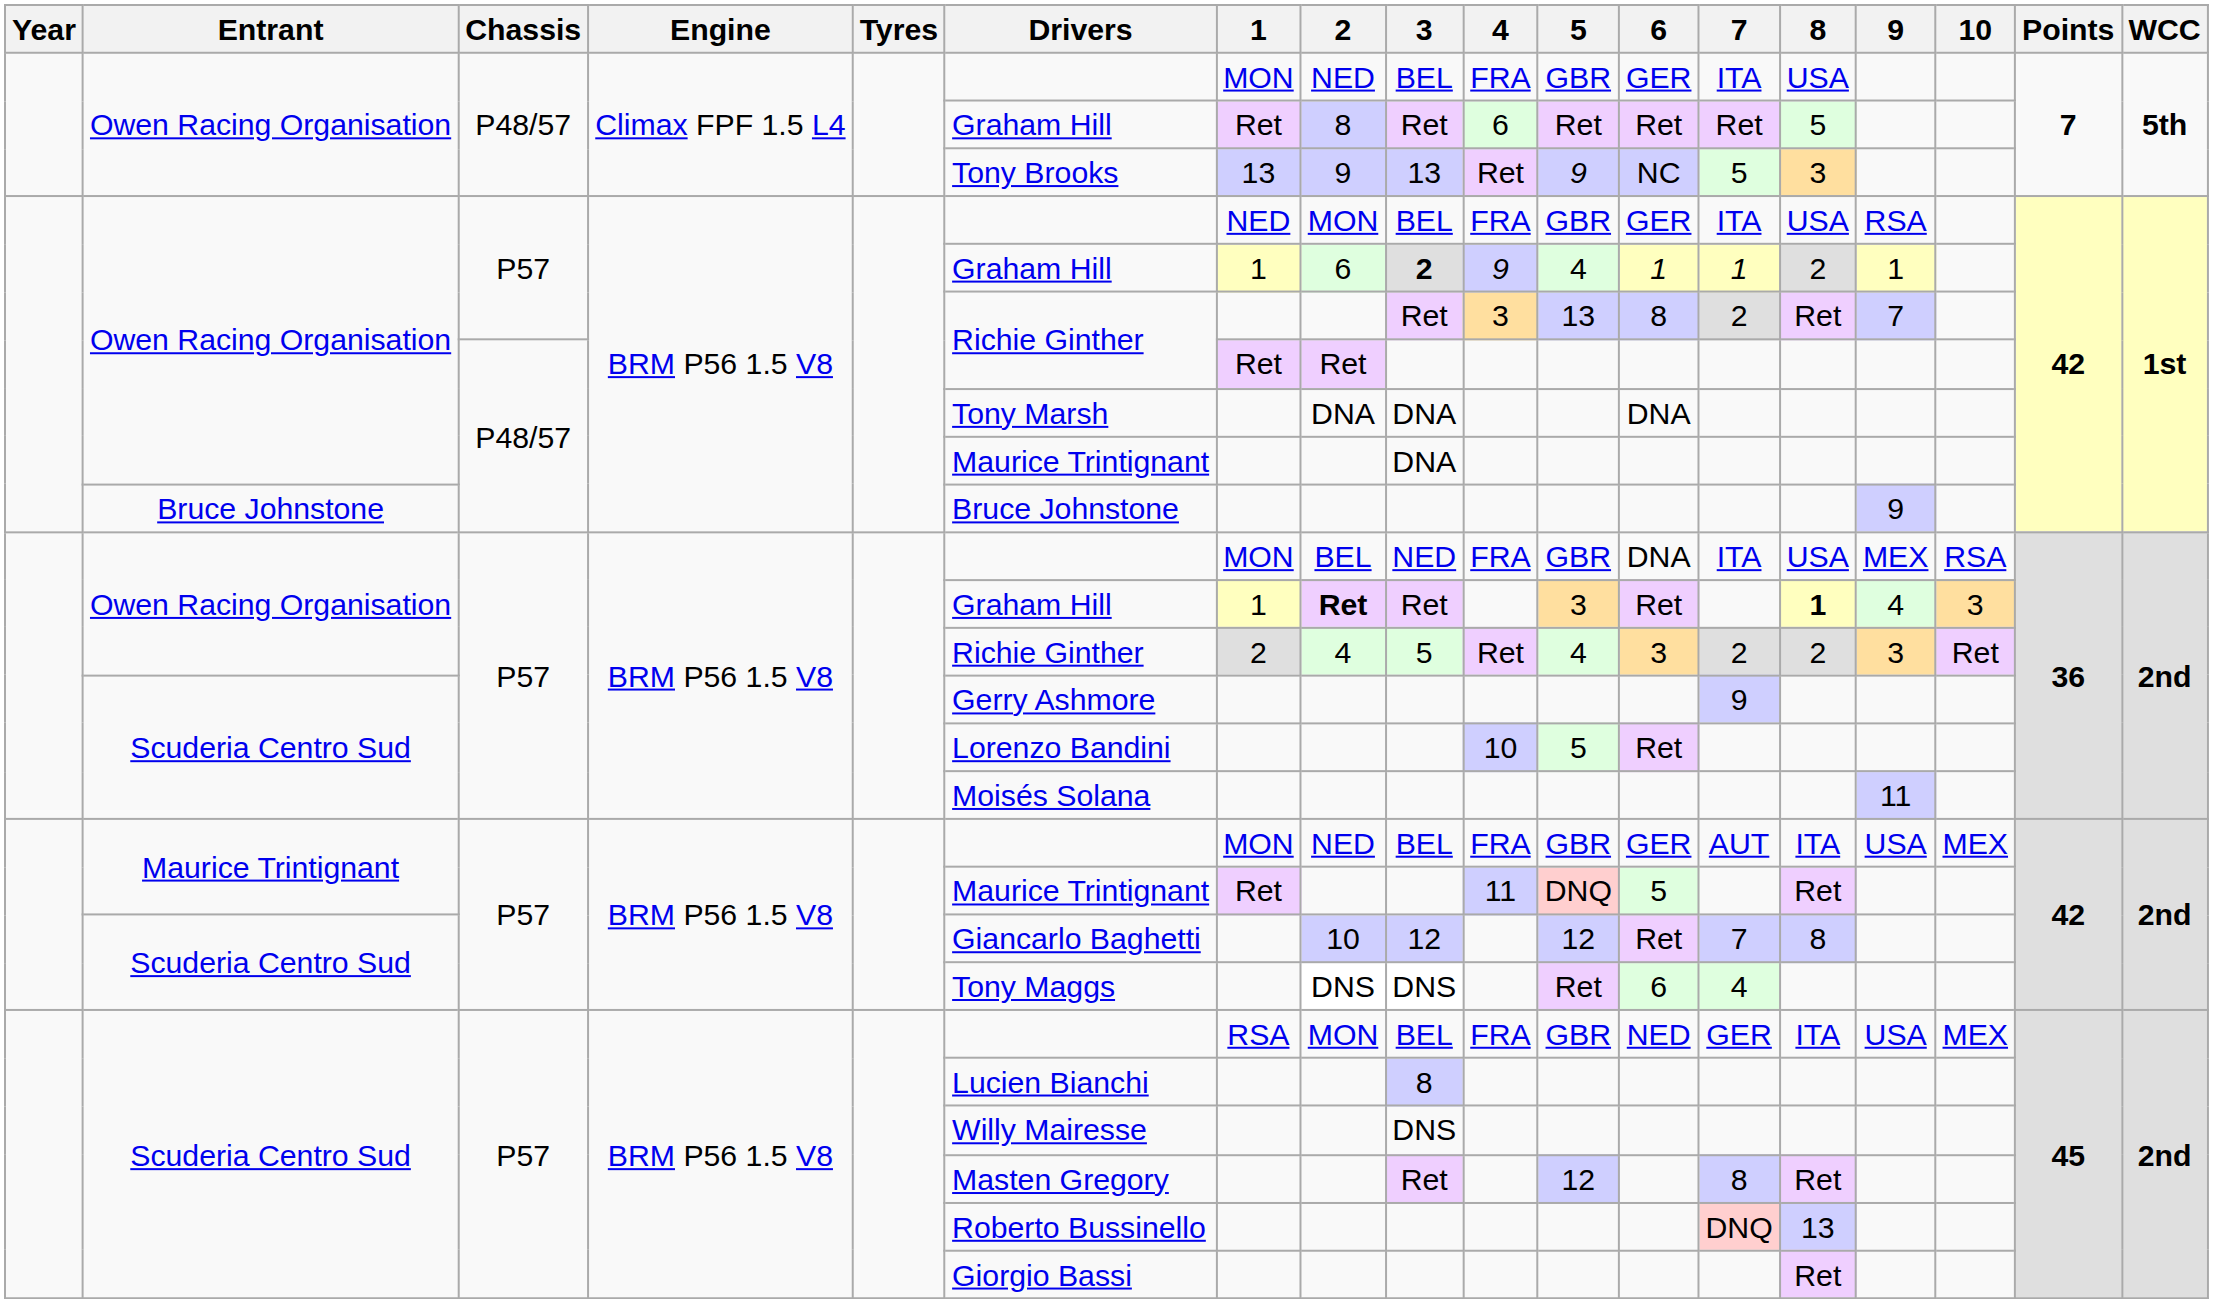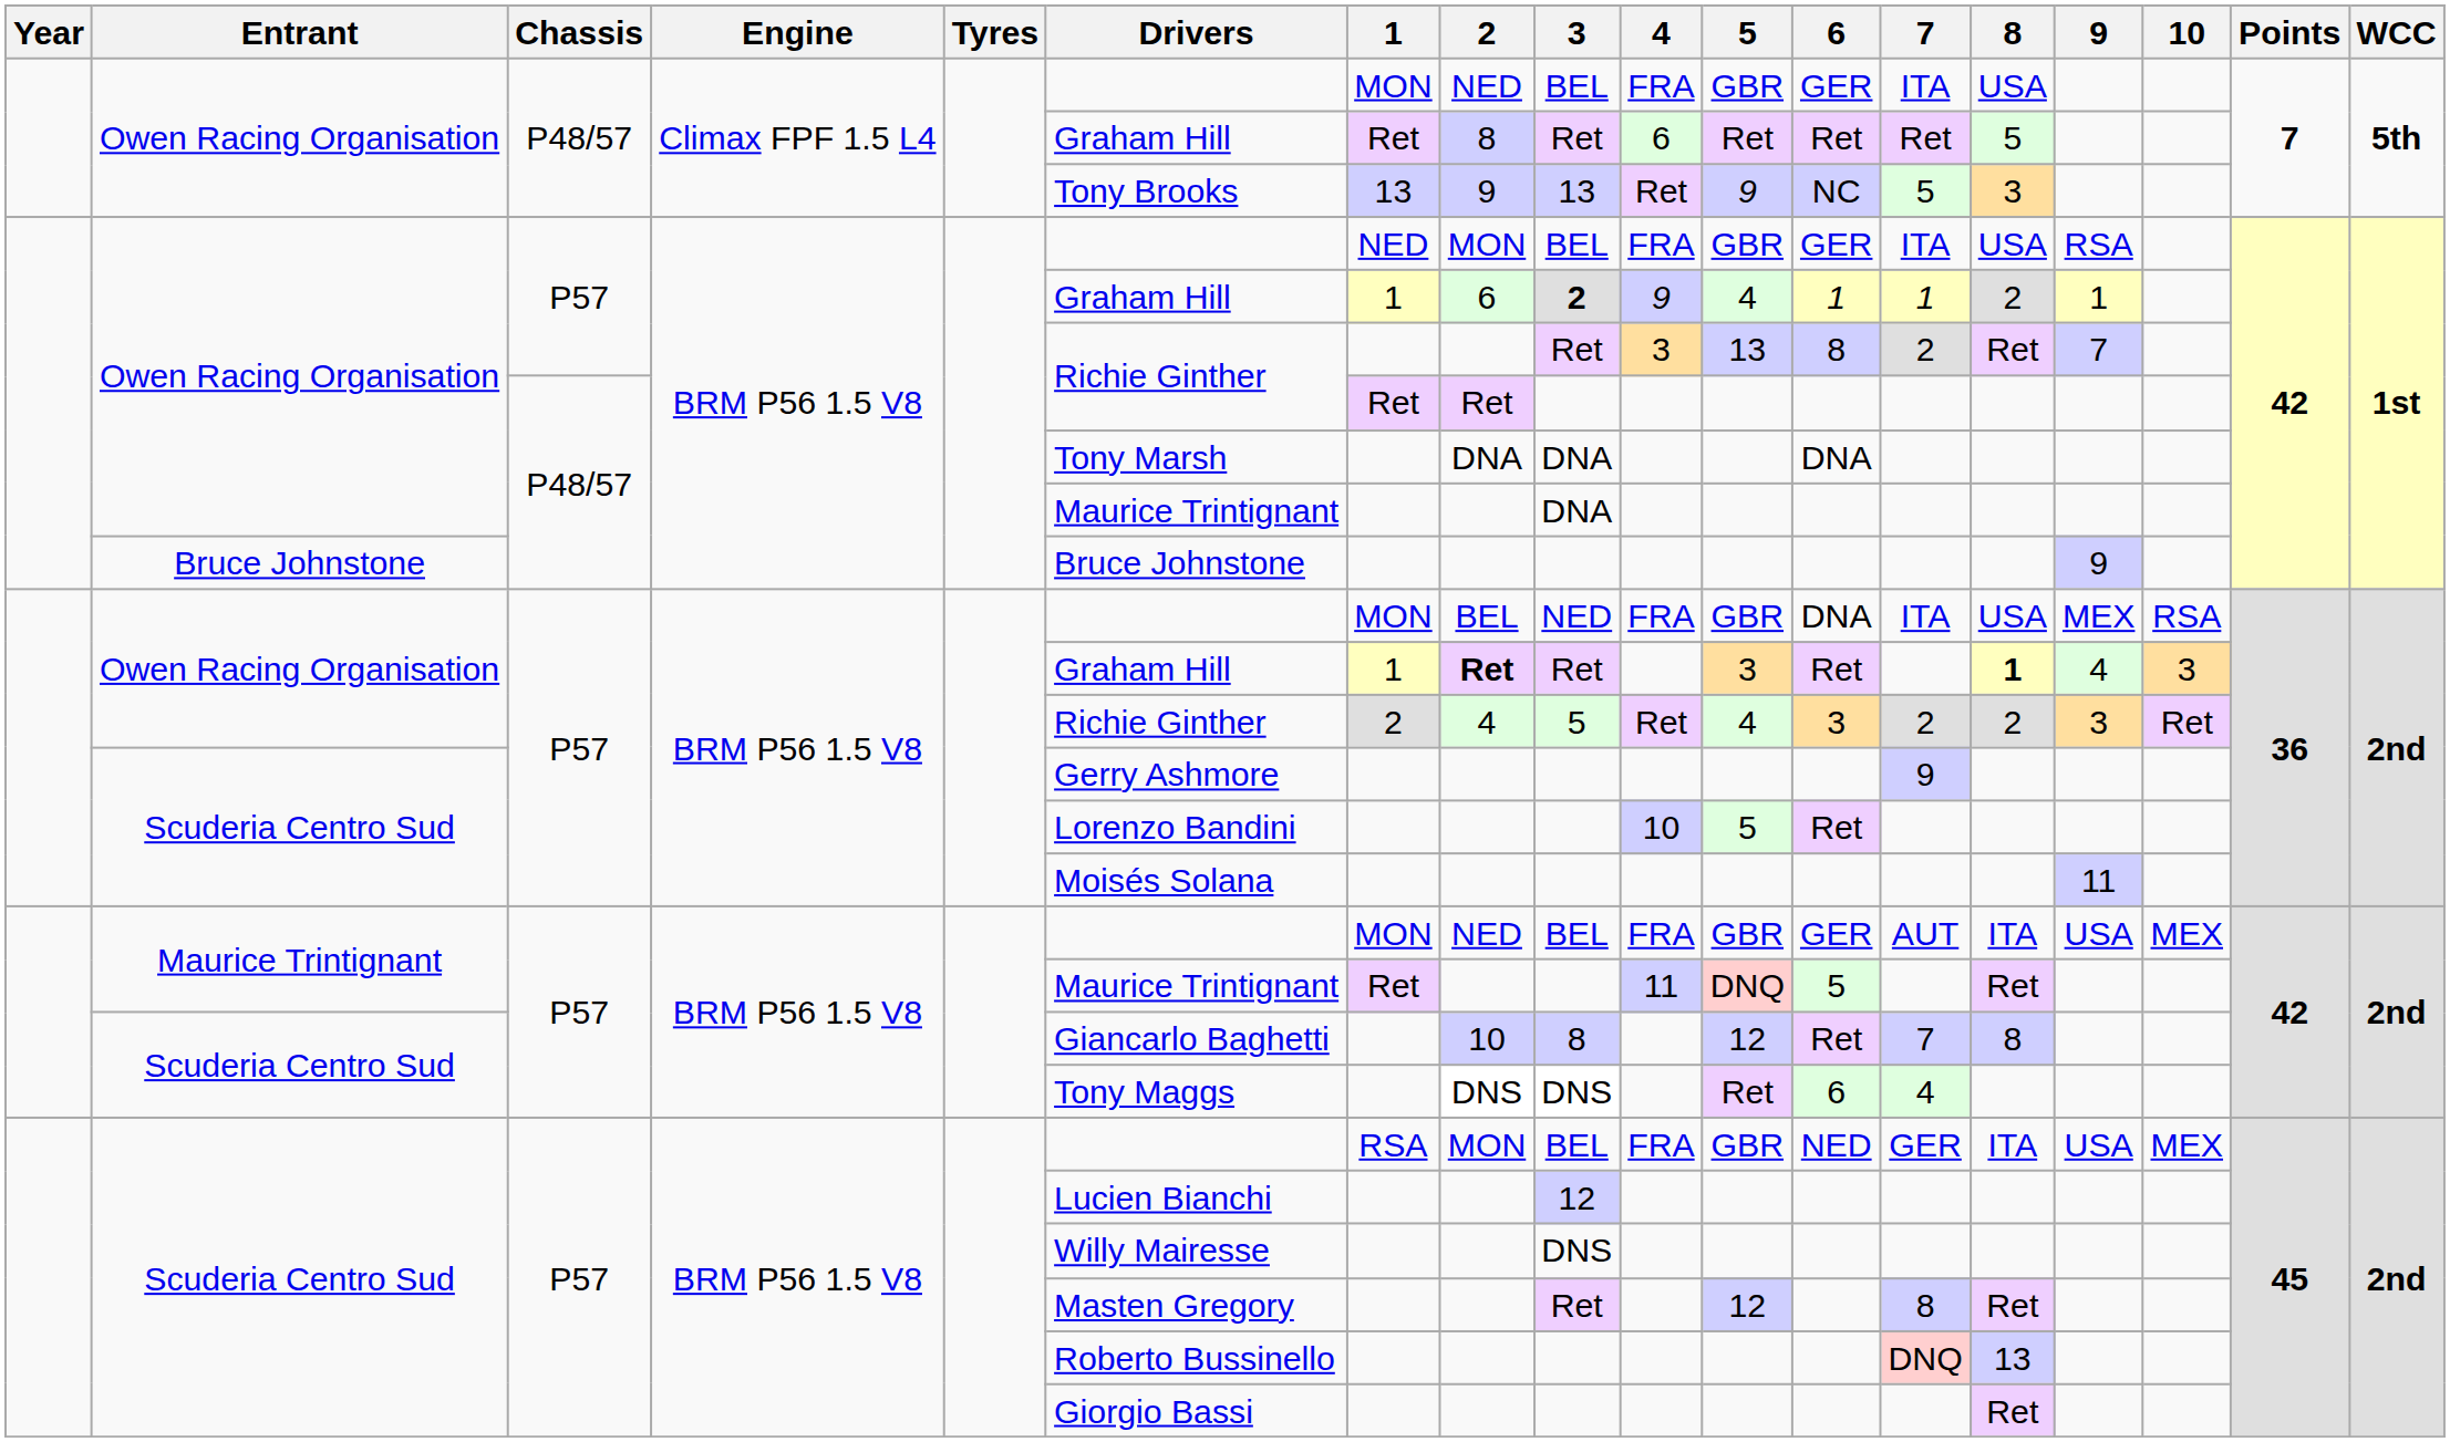 <table class="wikitable" style="text-align:center; font-size:95%">
 <tr>
 <th>Year</th>
 <th>Entrant</th>
 <th>Chassis</th>
 <th>Engine</th>
 <th>Tyres</th>
 <th>Drivers</th>
 <th>1</th>
 <th>2</th>
 <th>3</th>
 <th>4</th>
 <th>5</th>
 <th>6</th>
 <th>7</th>
 <th>8</th>
 <th>9</th>
 <th>10</th>
 <th>Points</th>
 <th>WCC</th>
 </tr>
 <tr>
 <td rowspan="3"></td>
 <td rowspan="3"><a href='#'>Owen Racing Organisation</a></td>
 <td rowspan="3">P48/57</td>
 <td rowspan="3"><a href='#'>Climax</a> FPF 1.5 <a href='#'>L4</a></td>
 <td rowspan="3"></td>
 <td></td>
 <td><a href='#'>MON</a></td>
 <td><a href='#'>NED</a></td>
 <td><a href='#'>BEL</a></td>
 <td><a href='#'>FRA</a></td>
 <td><a href='#'>GBR</a></td>
 <td><a href='#'>GER</a></td>
 <td><a href='#'>ITA</a></td>
 <td><a href='#'>USA</a></td>
 <td></td>
 <td></td>
 <td rowspan="3"><strong>7</strong></td>
 <td rowspan="3"><strong>5th</strong></td>
 </tr>
 <tr>
 <td align="left"><a href='#'>Graham Hill</a></td>
 <td style="background:#EFCFFF;">Ret</td>
 <td style="background:#CFCFFF;">8</td>
 <td style="background:#EFCFFF;">Ret</td>
 <td style="background:#DFFFDF;">6</td>
 <td style="background:#EFCFFF;">Ret</td>
 <td style="background:#EFCFFF;">Ret</td>
 <td style="background:#EFCFFF;">Ret</td>
 <td style="background:#DFFFDF;">5</td>
 <td></td>
 <td></td>
 </tr>
 <tr>
 <td align="left"><a href='#'>Tony Brooks</a></td>
 <td style="background:#CFCFFF;">13</td>
 <td style="background:#CFCFFF;">9</td>
 <td style="background:#CFCFFF;">13</td>
 <td style="background:#EFCFFF;">Ret</td>
 <td style="background:#CFCFFF;"><em>9</em></td>
 <td style="background:#CFCFFF;">NC</td>
 <td style="background:#DFFFDF;">5</td>
 <td style="background:#FFDF9F;">3</td>
 <td></td>
 <td></td>
 </tr>
 <tr>
 <td rowspan="7"></td>
 <td rowspan="6"><a href='#'>Owen Racing Organisation</a></td>
 <td rowspan="3">P57</td>
 <td rowspan="7"><a href='#'>BRM</a> P56 1.5 <a href='#'>V8</a></td>
 <td rowspan="7"></td>
 <td></td>
 <td><a href='#'>NED</a></td>
 <td><a href='#'>MON</a></td>
 <td><a href='#'>BEL</a></td>
 <td><a href='#'>FRA</a></td>
 <td><a href='#'>GBR</a></td>
 <td><a href='#'>GER</a></td>
 <td><a href='#'>ITA</a></td>
 <td><a href='#'>USA</a></td>
 <td><a href='#'>RSA</a></td>
 <td></td>
 <td rowspan="7" style="background:#FFFFBF;"><strong>42</strong></td>
 <td rowspan="7" style="background:#FFFFBF;"><strong>1st</strong></td>
 </tr>
 <tr>
 <td align="left"><a href='#'>Graham Hill</a></td>
 <td style="background:#FFFFBF;">1</td>
 <td style="background:#DFFFDF;">6</td>
 <td style="background:#DFDFDF;"><strong>2</strong></td>
 <td style="background:#CFCFFF;"><em>9</em></td>
 <td style="background:#DFFFDF;">4</td>
 <td style="background:#FFFFBF;"><em>1</em></td>
 <td style="background:#FFFFBF;"><em>1</em></td>
 <td style="background:#DFDFDF;">2</td>
 <td style="background:#FFFFBF;">1</td>
 <td></td>
 </tr>
 <tr>
 <td rowspan=2 align="left"><a href='#'>Richie Ginther</a></td>
 <td></td>
 <td></td>
 <td style="background:#EFCFFF;">Ret</td>
 <td style="background:#FFDF9F;">3</td>
 <td style="background:#CFCFFF;">13</td>
 <td style="background:#CFCFFF;">8</td>
 <td style="background:#DFDFDF;">2</td>
 <td style="background:#EFCFFF;">Ret</td>
 <td style="background:#CFCFFF;">7</td>
 <td></td>
 </tr>
 <tr>
 <td rowspan="4">P48/57</td>
 <td style="background:#EFCFFF;">Ret</td>
 <td style="background:#EFCFFF;">Ret</td>
 <td></td>
 <td></td>
 <td></td>
 <td></td>
 <td></td>
 <td></td>
 <td></td>
 <td></td>
 </tr>
 <tr>
 <td align="left"><a href='#'>Tony Marsh</a></td>
 <td></td>
 <td>DNA</td>
 <td>DNA</td>
 <td></td>
 <td></td>
 <td>DNA</td>
 <td></td>
 <td></td>
 <td></td>
 <td></td>
 </tr>
 <tr>
 <td align="left"><a href='#'>Maurice Trintignant</a></td>
 <td></td>
 <td></td>
 <td>DNA</td>
 <td></td>
 <td></td>
 <td></td>
 <td></td>
 <td></td>
 <td></td>
 <td></td>
 </tr>
 <tr>
 <td><a href='#'>Bruce Johnstone</a></td>
 <td align="left"><a href='#'>Bruce Johnstone</a></td>
 <td></td>
 <td></td>
 <td></td>
 <td></td>
 <td></td>
 <td></td>
 <td></td>
 <td></td>
 <td style="background:#CFCFFF;">9</td>
 <td></td>
 </tr>
 <tr>
 <td rowspan="6"></td>
 <td rowspan="3"><a href='#'>Owen Racing Organisation</a></td>
 <td rowspan="6">P57</td>
 <td rowspan="6"><a href='#'>BRM</a> P56 1.5 <a href='#'>V8</a></td>
 <td rowspan="6"></td>
 <td></td>
 <td><a href='#'>MON</a></td>
 <td><a href='#'>BEL</a></td>
 <td><a href='#'>NED</a></td>
 <td><a href='#'>FRA</a></td>
 <td><a href='#'>GBR</a></td>
 <td>DNA</td>
 <td><a href='#'>ITA</a></td>
 <td><a href='#'>USA</a></td>
 <td><a href='#'>MEX</a></td>
 <td><a href='#'>RSA</a></td>
 <td rowspan="6" style="background:#DFDFDF;"><strong>36</strong></td>
 <td rowspan="6" style="background:#DFDFDF;"><strong>2nd</strong></td>
 </tr>
 <tr>
 <td align="left"><a href='#'>Graham Hill</a></td>
 <td style="background:#FFFFBF;">1</td>
 <td style="background:#EFCFFF;"><strong>Ret</strong></td>
 <td style="background:#EFCFFF;">Ret</td>
 <td></td>
 <td style="background:#FFDF9F;">3</td>
 <td style="background:#EFCFFF;">Ret</td>
 <td></td>
 <td style="background:#FFFFBF;"><strong>1</strong></td>
 <td style="background:#DFFFDF;">4</td>
 <td style="background:#FFDF9F;">3</td>
 </tr>
 <tr>
 <td align="left"><a href='#'>Richie Ginther</a></td>
 <td style="background:#DFDFDF;">2</td>
 <td style="background:#DFFFDF;">4</td>
 <td style="background:#DFFFDF;">5</td>
 <td style="background:#EFCFFF;">Ret</td>
 <td style="background:#DFFFDF;">4</td>
 <td style="background:#FFDF9F;">3</td>
 <td style="background:#DFDFDF;">2</td>
 <td style="background:#DFDFDF;">2</td>
 <td style="background:#FFDF9F;">3</td>
 <td style="background:#EFCFFF;">Ret</td>
 </tr>
 <tr>
 <td rowspan="3"><a href='#'>Scuderia Centro Sud</a></td>
 <td align="left"><a href='#'>Gerry Ashmore</a></td>
 <td></td>
 <td></td>
 <td></td>
 <td></td>
 <td></td>
 <td></td>
 <td style="background:#CFCFFF;">9</td>
 <td></td>
 <td></td>
 <td></td>
 </tr>
 <tr>
 <td align="left"><a href='#'>Lorenzo Bandini</a></td>
 <td></td>
 <td></td>
 <td></td>
 <td style="background:#CFCFFF;">10</td>
 <td style="background:#DFFFDF;">5</td>
 <td style="background:#EFCFFF;">Ret</td>
 <td></td>
 <td></td>
 <td></td>
 <td></td>
 </tr>
 <tr>
 <td align="left"><a href='#'>Moisés Solana</a></td>
 <td></td>
 <td></td>
 <td></td>
 <td></td>
 <td></td>
 <td></td>
 <td></td>
 <td></td>
 <td style="background:#CFCFFF;">11</td>
 <td></td>
 </tr>
 <tr>
 <td rowspan="4"></td>
 <td rowspan="2"><a href='#'>Maurice Trintignant</a></td>
 <td rowspan="4">P57</td>
 <td rowspan="4"><a href='#'>BRM</a> P56 1.5 <a href='#'>V8</a></td>
 <td rowspan="4"></td>
 <td></td>
 <td><a href='#'>MON</a></td>
 <td><a href='#'>NED</a></td>
 <td><a href='#'>BEL</a></td>
 <td><a href='#'>FRA</a></td>
 <td><a href='#'>GBR</a></td>
 <td><a href='#'>GER</a></td>
 <td><a href='#'>AUT</a></td>
 <td><a href='#'>ITA</a></td>
 <td><a href='#'>USA</a></td>
 <td><a href='#'>MEX</a></td>
 <td rowspan="4" style="background:#DFDFDF;"><strong>42</strong></td>
 <td rowspan="4" style="background:#DFDFDF;"><strong>2nd</strong></td>
 </tr>
 <tr>
 <td align="left"><a href='#'>Maurice Trintignant</a></td>
 <td style="background:#EFCFFF;">Ret</td>
 <td></td>
 <td></td>
 <td style="background:#CFCFFF;">11</td>
 <td style="background:#FFCFCF;">DNQ</td>
 <td style="background:#DFFFDF;">5</td>
 <td></td>
 <td style="background:#EFCFFF;">Ret</td>
 <td></td>
 <td></td>
 </tr>
 <tr>
 <td rowspan="2"><a href='#'>Scuderia Centro Sud</a></td>
 <td align="left"><a href='#'>Giancarlo Baghetti</a></td>
 <td></td>
 <td style="background:#CFCFFF;">10</td>
-<td style="background:#CFCFFF;">12</td>
+<td style="background:#CFCFFF;">8</td>
 <td></td>
 <td style="background:#CFCFFF;">12</td>
 <td style="background:#EFCFFF;">Ret</td>
 <td style="background:#CFCFFF;">7</td>
 <td style="background:#CFCFFF;">8</td>
 <td></td>
 <td></td>
 </tr>
 <tr>
 <td align="left"><a href='#'>Tony Maggs</a></td>
 <td></td>
 <td style="background:#FFFFFF;">DNS</td>
 <td style="background:#FFFFFF;">DNS</td>
 <td></td>
 <td style="background:#EFCFFF;">Ret</td>
 <td style="background:#DFFFDF;">6</td>
 <td style="background:#DFFFDF;">4</td>
 <td></td>
 <td></td>
 <td></td>
 </tr>
 <tr>
 <td rowspan="6"></td>
 <td rowspan="6"><a href='#'>Scuderia Centro Sud</a></td>
 <td rowspan="6">P57</td>
 <td rowspan="6"><a href='#'>BRM</a> P56 1.5 <a href='#'>V8</a></td>
 <td rowspan="6"></td>
 <td></td>
 <td><a href='#'>RSA</a></td>
 <td><a href='#'>MON</a></td>
 <td><a href='#'>BEL</a></td>
 <td><a href='#'>FRA</a></td>
 <td><a href='#'>GBR</a></td>
 <td><a href='#'>NED</a></td>
 <td><a href='#'>GER</a></td>
 <td><a href='#'>ITA</a></td>
 <td><a href='#'>USA</a></td>
 <td><a href='#'>MEX</a></td>
 <td rowspan="6" style="background:#DFDFDF;"><strong>45</strong></td>
 <td rowspan="6" style="background:#DFDFDF;"><strong>2nd</strong></td>
 </tr>
 <tr>
 <td align="left"><a href='#'>Lucien Bianchi</a></td>
 <td></td>
 <td></td>
-<td style="background:#CFCFFF;">8</td>
+<td style="background:#CFCFFF;">12</td>
 <td></td>
 <td></td>
 <td></td>
 <td></td>
 <td></td>
 <td></td>
 <td></td>
 </tr>
 <tr>
 <td align="left"><a href='#'>Willy Mairesse</a></td>
 <td></td>
 <td></td>
 <td style="background:#FFFFFFF;">DNS</td>
 <td></td>
 <td></td>
 <td></td>
 <td></td>
 <td></td>
 <td></td>
 <td></td>
 </tr>
 <tr>
 <td align="left"><a href='#'>Masten Gregory</a></td>
 <td></td>
 <td></td>
 <td style="background:#EFCFFF;">Ret</td>
 <td></td>
 <td style="background:#CFCFFF;">12</td>
 <td></td>
 <td style="background:#CFCFFF;">8</td>
 <td style="background:#EFCFFF;">Ret</td>
 <td></td>
 <td></td>
 </tr>
 <tr>
 <td align="left"><a href='#'>Roberto Bussinello</a></td>
 <td></td>
 <td></td>
 <td></td>
 <td></td>
 <td></td>
 <td></td>
 <td style="background:#FFCFCF;">DNQ</td>
 <td style="background:#CFCFFF;">13</td>
 <td></td>
 <td></td>
 </tr>
 <tr>
 <td align="left"><a href='#'>Giorgio Bassi</a></td>
 <td></td>
 <td></td>
 <td></td>
 <td></td>
 <td></td>
 <td></td>
 <td></td>
 <td style="background:#EFCFFF;">Ret</td>
 <td></td>
 <td></td>
 </tr>
 <tr>
 </tr>
 </table>
